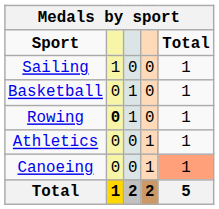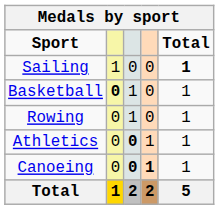 <table class="wikitable" style="font-size:85%; float:right;">
 <tr style="background:#efefef;">
 <th colspan=7>Medals by sport</th>
 </tr>
 <tr align=center>
 <td><strong>Sport</strong></td>
 <td style="background:#f7f6a8;"></td>
 <td style="background:#dce5e5;"></td>
 <td style="background:#ffdab9;"></td>
 <td><strong>Total</strong></td>
 </tr>
 <tr align=center>
 <td><a href='#'>Sailing</a></td>
 <td style="background:#f7f6a8;">1</td>
 <td style="background:#dce5e5;">0</td>
 <td style="background:#ffdab9;">0</td>
-<td>1</td>
+<td><strong>1</strong></td>
 </tr>
 <tr align=center>
 <td><a href='#'>Basketball</a></td>
-<td style="background:#f7f6a8;">0</td>
+<td style="background:#f7f6a8;"><strong>0</strong></td>
 <td style="background:#dce5e5;">1</td>
 <td style="background:#ffdab9;">0</td>
 <td>1</td>
 </tr>
 <tr align=center>
 <td><a href='#'>Rowing</a></td>
-<td style="background:#f7f6a8;"><strong>0</strong></td>
+<td style="background:#f7f6a8;">0</td>
 <td style="background:#dce5e5;">1</td>
 <td style="background:#ffdab9;">0</td>
 <td>1</td>
 </tr>
 <tr align=center>
 <td><a href='#'>Athletics</a></td>
 <td style="background:#f7f6a8;">0</td>
-<td style="background:#dce5e5;">0</td>
+<td style="background:#dce5e5;"><strong>0</strong></td>
 <td style="background:#ffdab9;">1</td>
 <td>1</td>
 </tr>
 <tr align=center>
 <td><a href='#'>Canoeing</a></td>
 <td style="background:#f7f6a8;">0</td>
-<td style="background:#dce5e5;">0</td>
-<td style="background:#ffdab9;">1</td>
-<td style="background: lightsalmon;">1</td>
+<td style="background:#dce5e5;"><strong>0</strong></td>
+<td style="background:#ffdab9;"><strong>1</strong></td>
+<td>1</td>
 </tr>
 <tr align=center>
 <th>Total</th>
 <th style="background:gold;">1</th>
 <th style="background:silver;">2</th>
 <th style="background:#c96;">2</th>
 <th>5</th>
 </tr>
 </table>
